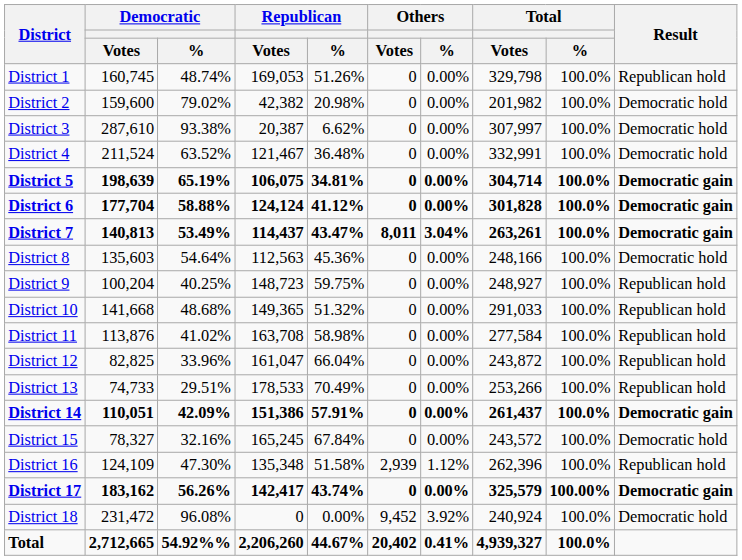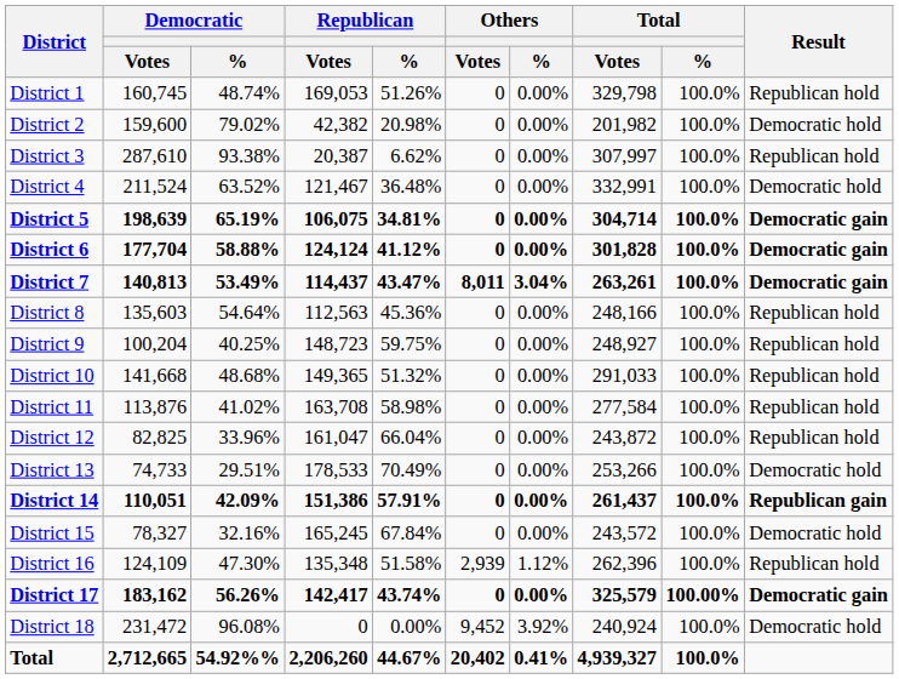 <table class="wikitable plainrowheaders sortable" style="font-size:100%; text-align:right;">
 <tr>
 <th scope=col rowspan=3><a href='#'>District</a></th>
 <th scope=col colspan=2><a href='#'>Democratic</a></th>
 <th scope=col colspan=2><a href='#'>Republican</a></th>
 <th scope=col colspan=2>Others</th>
 <th scope=col colspan=2>Total</th>
 <th scope=col rowspan=3>Result</th>
 </tr>
 <tr>
 <th scope=col colspan=2 style="background:"></th>
 <th scope=col colspan=2 style="background:"></th>
 <th scope=col colspan=2></th>
 <th scope=col colspan=2></th>
 </tr>
 <tr>
 <th scope=col data-sort-type="number">Votes</th>
 <th scope=col data-sort-type="number">%</th>
 <th scope=col data-sort-type="number">Votes</th>
 <th scope=col data-sort-type="number">%</th>
 <th scope=col data-sort-type="number">Votes</th>
 <th scope=col data-sort-type="number">%</th>
 <th scope=col data-sort-type="number">Votes</th>
 <th scope=col data-sort-type="number">%</th>
 </tr>
 <tr>
 <td align=left><a href='#'>District 1</a></td>
 <td>160,745</td>
 <td>48.74%</td>
 <td>169,053</td>
 <td>51.26%</td>
 <td>0</td>
 <td>0.00%</td>
 <td>329,798</td>
 <td>100.0%</td>
 <td align=left>Republican hold</td>
 </tr>
 <tr>
 <td align=left><a href='#'>District 2</a></td>
 <td>159,600</td>
 <td>79.02%</td>
 <td>42,382</td>
 <td>20.98%</td>
 <td>0</td>
 <td>0.00%</td>
 <td>201,982</td>
 <td>100.0%</td>
 <td align=left>Democratic hold</td>
 </tr>
 <tr>
 <td align=left><a href='#'>District 3</a></td>
 <td>287,610</td>
 <td>93.38%</td>
 <td>20,387</td>
 <td>6.62%</td>
 <td>0</td>
 <td>0.00%</td>
 <td>307,997</td>
 <td>100.0%</td>
-<td align=left>Democratic hold</td>
+<td align=left>Republican hold</td>
 </tr>
 <tr>
 <td align=left><a href='#'>District 4</a></td>
 <td>211,524</td>
 <td>63.52%</td>
 <td>121,467</td>
 <td>36.48%</td>
 <td>0</td>
 <td>0.00%</td>
 <td>332,991</td>
 <td>100.0%</td>
 <td align=left>Democratic hold</td>
 </tr>
 <tr>
 <td align=left><strong><a href='#'>District 5</a></strong></td>
 <td><strong>198,639</strong></td>
 <td><strong>65.19%</strong></td>
 <td><strong>106,075</strong></td>
 <td><strong>34.81%</strong></td>
 <td><strong>0</strong></td>
 <td><strong>0.00%</strong></td>
 <td><strong>304,714</strong></td>
 <td><strong>100.0%</strong></td>
 <td align=left><strong>Democratic gain</strong></td>
 </tr>
 <tr>
 <td align=left><strong><a href='#'>District 6</a></strong></td>
 <td><strong>177,704</strong></td>
 <td><strong>58.88%</strong></td>
 <td><strong>124,124</strong></td>
 <td><strong>41.12%</strong></td>
 <td><strong>0</strong></td>
 <td><strong>0.00%</strong></td>
 <td><strong>301,828</strong></td>
 <td><strong>100.0%</strong></td>
 <td align=left><strong>Democratic gain</strong></td>
 </tr>
 <tr>
 <td align=left><strong><a href='#'>District 7</a></strong></td>
 <td><strong>140,813</strong></td>
 <td><strong>53.49%</strong></td>
 <td><strong>114,437</strong></td>
 <td><strong>43.47%</strong></td>
 <td><strong>8,011</strong></td>
 <td><strong>3.04%</strong></td>
 <td><strong>263,261</strong></td>
 <td><strong>100.0%</strong></td>
 <td align=left><strong>Democratic gain</strong></td>
 </tr>
 <tr>
 <td align=left><a href='#'>District 8</a></td>
 <td>135,603</td>
 <td>54.64%</td>
 <td>112,563</td>
 <td>45.36%</td>
 <td>0</td>
 <td>0.00%</td>
 <td>248,166</td>
 <td>100.0%</td>
-<td align=left>Democratic hold</td>
+<td align=left>Republican hold</td>
 </tr>
 <tr>
 <td align=left><a href='#'>District 9</a></td>
 <td>100,204</td>
 <td>40.25%</td>
 <td>148,723</td>
 <td>59.75%</td>
 <td>0</td>
 <td>0.00%</td>
 <td>248,927</td>
 <td>100.0%</td>
 <td align=left>Republican hold</td>
 </tr>
 <tr>
 <td align=left><a href='#'>District 10</a></td>
 <td>141,668</td>
 <td>48.68%</td>
 <td>149,365</td>
 <td>51.32%</td>
 <td>0</td>
 <td>0.00%</td>
 <td>291,033</td>
 <td>100.0%</td>
 <td align=left>Republican hold</td>
 </tr>
 <tr>
 <td align=left><a href='#'>District 11</a></td>
 <td>113,876</td>
 <td>41.02%</td>
 <td>163,708</td>
 <td>58.98%</td>
 <td>0</td>
 <td>0.00%</td>
 <td>277,584</td>
 <td>100.0%</td>
 <td align=left>Republican hold</td>
 </tr>
 <tr>
 <td align=left><a href='#'>District 12</a></td>
 <td>82,825</td>
 <td>33.96%</td>
 <td>161,047</td>
 <td>66.04%</td>
 <td>0</td>
 <td>0.00%</td>
 <td>243,872</td>
 <td>100.0%</td>
 <td align=left>Republican hold</td>
 </tr>
 <tr>
 <td align=left><a href='#'>District 13</a></td>
 <td>74,733</td>
 <td>29.51%</td>
 <td>178,533</td>
 <td>70.49%</td>
 <td>0</td>
 <td>0.00%</td>
 <td>253,266</td>
 <td>100.0%</td>
-<td align=left>Republican hold</td>
+<td align=left>Democratic hold</td>
 </tr>
 <tr>
 <td align=left><strong><a href='#'>District 14</a></strong></td>
 <td><strong>110,051</strong></td>
 <td><strong>42.09%</strong></td>
 <td><strong>151,386</strong></td>
 <td><strong>57.91%</strong></td>
 <td><strong>0</strong></td>
 <td><strong>0.00%</strong></td>
 <td><strong>261,437</strong></td>
 <td><strong>100.0%</strong></td>
-<td align=left><strong>Democratic gain</strong></td>
+<td align=left><strong>Republican gain</strong></td>
 </tr>
 <tr>
 <td align=left><a href='#'>District 15</a></td>
 <td>78,327</td>
 <td>32.16%</td>
 <td>165,245</td>
 <td>67.84%</td>
 <td>0</td>
 <td>0.00%</td>
 <td>243,572</td>
 <td>100.0%</td>
 <td align=left>Democratic hold</td>
 </tr>
 <tr>
 <td align=left><a href='#'>District 16</a></td>
 <td>124,109</td>
 <td>47.30%</td>
 <td>135,348</td>
 <td>51.58%</td>
 <td>2,939</td>
 <td>1.12%</td>
 <td>262,396</td>
 <td>100.0%</td>
 <td align=left>Republican hold</td>
 </tr>
 <tr>
 <td align=left><strong><a href='#'>District 17</a></strong></td>
 <td><strong>183,162</strong></td>
 <td><strong>56.26%</strong></td>
 <td><strong>142,417</strong></td>
 <td><strong>43.74%</strong></td>
 <td><strong>0</strong></td>
 <td><strong>0.00%</strong></td>
 <td><strong>325,579</strong></td>
 <td><strong>100.00%</strong></td>
 <td align=left><strong>Democratic gain</strong></td>
 </tr>
 <tr>
 <td align=left><a href='#'>District 18</a></td>
 <td>231,472</td>
 <td>96.08%</td>
 <td>0</td>
 <td>0.00%</td>
 <td>9,452</td>
 <td>3.92%</td>
 <td>240,924</td>
 <td>100.0%</td>
 <td align=left>Democratic hold</td>
 </tr>
 <tr class="sortbottom" style="font-weight:bold">
 <td align=left>Total</td>
 <td>2,712,665</td>
 <td>54.92%%</td>
 <td>2,206,260</td>
 <td>44.67%</td>
 <td>20,402</td>
 <td>0.41%</td>
 <td>4,939,327</td>
 <td>100.0%</td>
 <td></td>
 </tr>
 </table>
